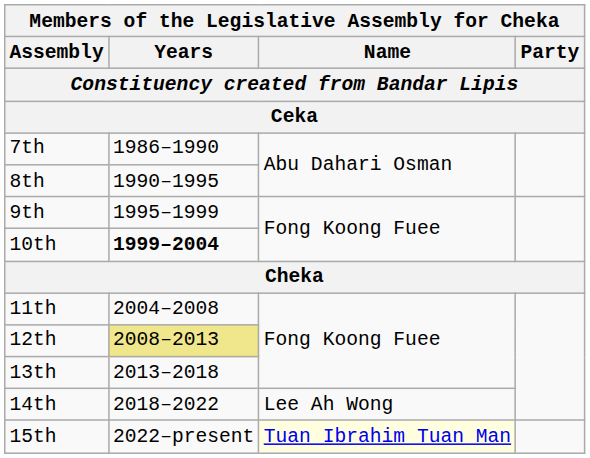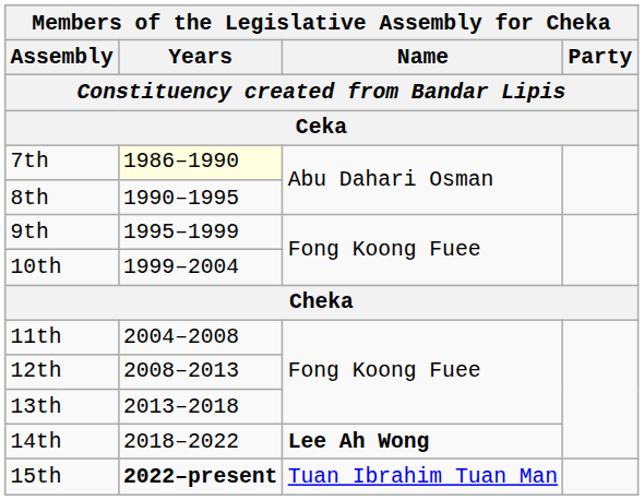 <table class="wikitable">
 <tr>
 <th colspan="4">Members of the Legislative Assembly for Cheka</th>
 </tr>
 <tr>
 <th>Assembly</th>
 <th>Years</th>
 <th>Name</th>
 <th>Party</th>
 </tr>
 <tr>
 <th colspan="4"><em>Constituency created from Bandar Lipis</em></th>
 </tr>
 <tr>
 <th colspan=4 align=center>Ceka</th>
 </tr>
 <tr>
 <td>7th</td>
-<td>1986–1990</td>
+<td style="background: lightyellow;">1986–1990</td>
 <td rowspan="2">Abu Dahari Osman</td>
 <td rowspan="2"></td>
 </tr>
 <tr>
 <td>8th</td>
 <td>1990–1995</td>
 </tr>
 <tr>
 <td>9th</td>
 <td>1995–1999</td>
 <td rowspan="2">Fong Koong Fuee</td>
 <td rowspan="2"></td>
 </tr>
 <tr>
 <td>10th</td>
-<td><strong>1999–2004</strong></td>
+<td>1999–2004</td>
 </tr>
 <tr>
 <th colspan=4 align=center>Cheka</th>
 </tr>
 <tr>
 <td>11th</td>
 <td>2004–2008</td>
 <td rowspan="3">Fong Koong Fuee</td>
 <td rowspan="4"></td>
 </tr>
 <tr>
 <td>12th</td>
-<td style="background: khaki;">2008–2013</td>
+<td>2008–2013</td>
 </tr>
 <tr>
 <td>13th</td>
 <td>2013–2018</td>
 </tr>
 <tr>
 <td>14th</td>
 <td>2018–2022</td>
-<td>Lee Ah Wong</td>
+<td><strong>Lee Ah Wong</strong></td>
 </tr>
 <tr>
 <td>15th</td>
-<td>2022–present</td>
-<td style="background: lightyellow;"><a href='#'>Tuan Ibrahim Tuan Man</a></td>
+<td><strong>2022–present</strong></td>
+<td><a href='#'>Tuan Ibrahim Tuan Man</a></td>
 <td></td>
 </tr>
 </table>
